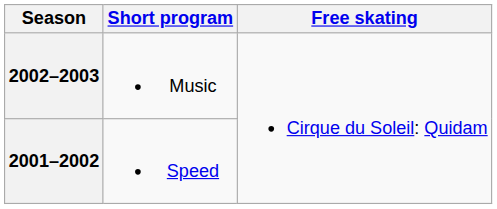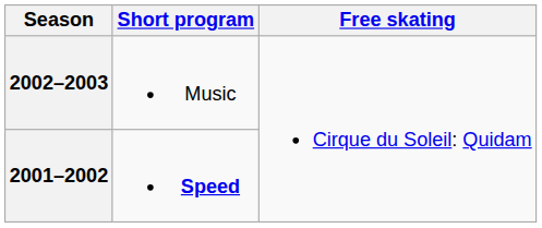 <table class="wikitable" style="text-align:center">
 <tr>
 <th>Season</th>
 <th><a href='#'>Short program</a></th>
 <th><a href='#'>Free skating</a></th>
 </tr>
 <tr>
 <th>2002–2003 <br></th>
 <td><br><ul><li>Music <br></li></ul></td>
 <td rowspan=2><br><ul><li><a href='#'>Cirque du Soleil</a>: <a href='#'>Quidam</a> <br></li></ul></td>
 </tr>
 <tr>
 <th>2001–2002 <br></th>
-<td><br><ul><li><a href='#'>Speed</a> <br></li></ul></td>
+<td><strong><br><ul><li><a href='#'>Speed</a> <br></li></ul></strong></td>
 </tr>
 </table>
